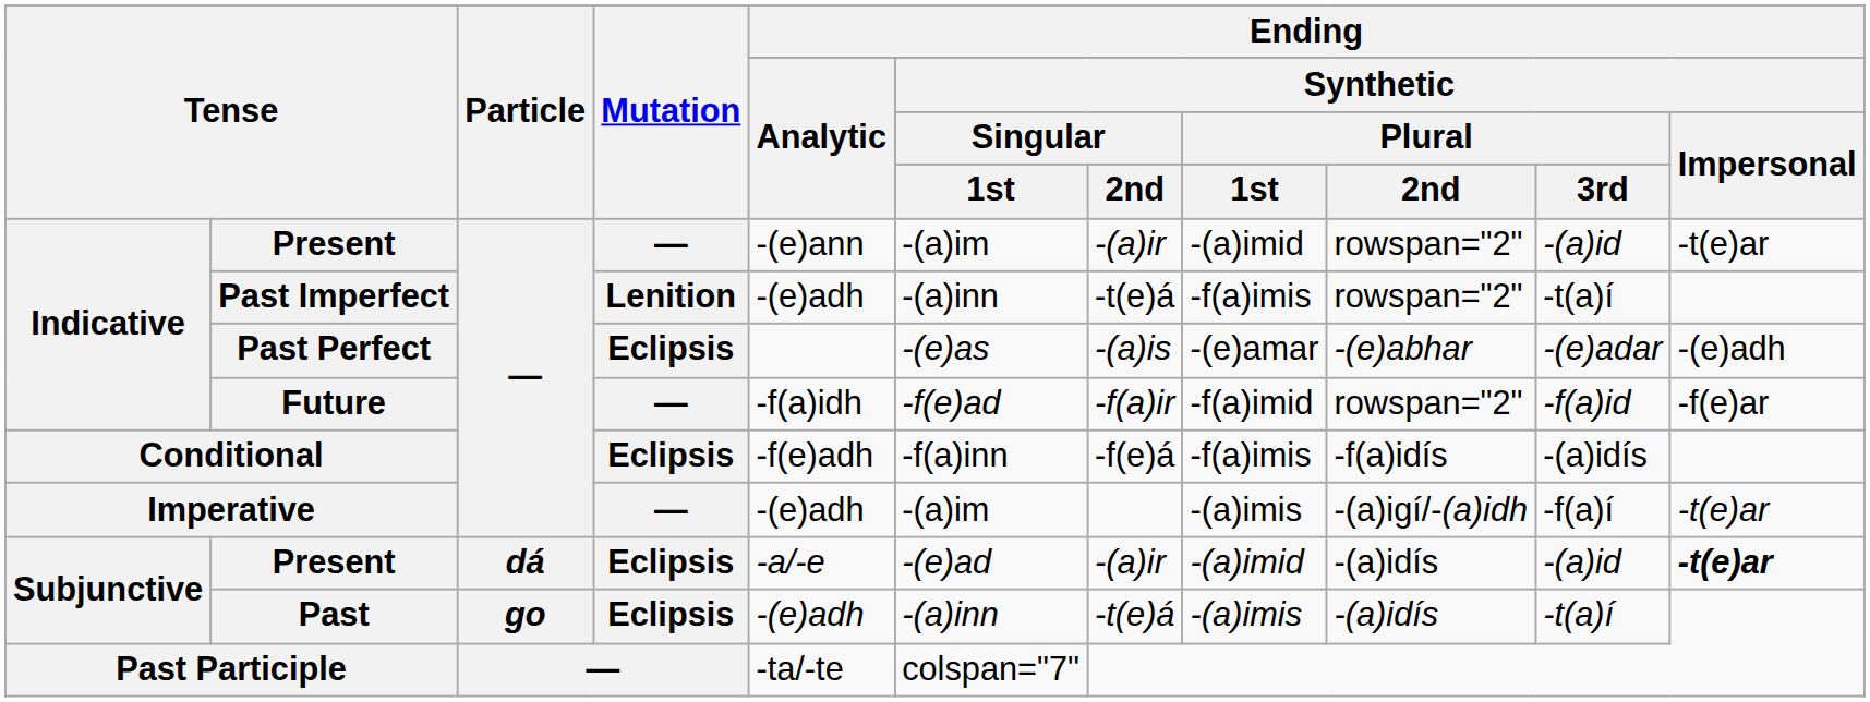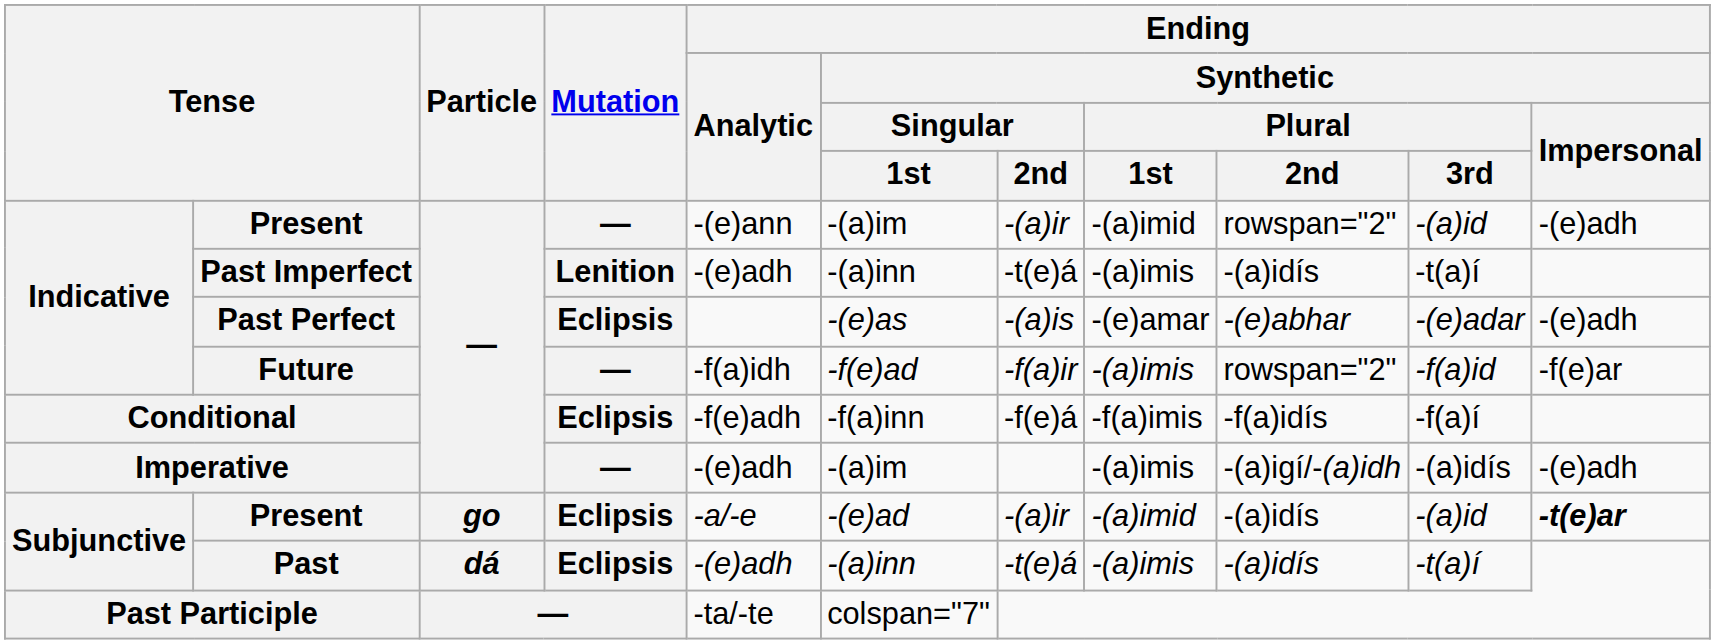 <table class="wikitable mw-collapsible">
 <tr>
 <th colspan="2" rowspan="4">Tense</th>
 <th rowspan="4">Particle</th>
 <th rowspan="4"><a href='#'>Mutation</a></th>
 <th colspan="7">Ending</th>
 </tr>
 <tr>
 <th rowspan="3">Analytic</th>
 <th colspan="6">Synthetic</th>
 </tr>
 <tr>
 <th colspan="2">Singular</th>
 <th colspan="3">Plural</th>
 <th rowspan="2">Impersonal</th>
 </tr>
 <tr>
 <th>1st</th>
 <th>2nd</th>
 <th>1st</th>
 <th>2nd</th>
 <th>3rd</th>
 </tr>
 <tr>
 <th rowspan="4">Indicative</th>
 <th>Present</th>
 <th rowspan="6">—</th>
 <th>—</th>
 <td>-(e)ann</td>
 <td>-(a)im</td>
 <td><em>-(a)ir</em></td>
 <td>-(a)imid</td>
 <td>rowspan="2" </td>
 <td><em>-(a)id</em></td>
-<td>-t(e)ar</td>
+<td>-(e)adh</td>
 </tr>
 <tr>
 <th>Past Imperfect</th>
 <th>Lenition</th>
 <td>-(e)adh</td>
 <td>-(a)inn</td>
 <td>-t(e)á</td>
-<td>-f(a)imis</td>
-<td>rowspan="2" </td>
+<td>-(a)imis</td>
+<td>-(a)idís</td>
 <td>-t(a)í</td>
 </tr>
 <tr>
 <th>Past Perfect</th>
 <th>Eclipsis</th>
 <td></td>
 <td><em>-(e)as</em></td>
 <td><em>-(a)is</em></td>
 <td>-(e)amar</td>
 <td><em>-(e)abhar</em></td>
 <td><em>-(e)adar</em></td>
 <td>-(e)adh</td>
 </tr>
 <tr>
 <th>Future</th>
 <th>—</th>
 <td>-f(a)idh</td>
 <td><em>-f(e)ad</em></td>
 <td><em>-f(a)ir</em></td>
-<td>-f(a)imid</td>
+<td><em>-(a)imis</em></td>
 <td>rowspan="2" </td>
 <td><em>-f(a)id</em></td>
 <td>-f(e)ar</td>
 </tr>
 <tr>
 <th colspan="2">Conditional</th>
 <th>Eclipsis</th>
 <td>-f(e)adh</td>
 <td>-f(a)inn</td>
 <td>-f(e)á</td>
 <td>-f(a)imis</td>
 <td>-f(a)idís</td>
-<td>-(a)idís</td>
+<td>-f(a)í</td>
 </tr>
 <tr>
 <th colspan="2">Imperative</th>
 <th>—</th>
 <td>-(e)adh</td>
 <td>-(a)im</td>
 <td></td>
 <td>-(a)imis</td>
 <td>-(a)igí/-<em>(a)idh</em></td>
-<td>-f(a)í</td>
-<td><em>-t(e)ar</em></td>
+<td>-(a)idís</td>
+<td>-(e)adh</td>
 </tr>
 <tr>
 <th rowspan="2">Subjunctive</th>
 <th>Present</th>
-<th><em>dá</em></th>
+<th><em>go</em></th>
 <th>Eclipsis</th>
 <td><em>-a/-e</em></td>
 <td><em>-(e)ad</em></td>
 <td><em>-(a)ir</em></td>
 <td><em>-(a)imid</em></td>
 <td>-(a)idís</td>
 <td><em>-(a)id</em></td>
 <td><strong><em>-t(e)ar</em></strong></td>
 </tr>
 <tr>
 <th>Past</th>
-<th><em>go</em></th>
+<th><em>dá</em></th>
 <th>Eclipsis</th>
 <td><em>-(e)adh</em></td>
 <td><em>-(a)inn</em></td>
 <td><em>-t(e)á</em></td>
 <td><em>-(a)imis</em></td>
 <td><em>-(a)idís</em></td>
 <td><em>-t(a)í</em></td>
 </tr>
 <tr>
 <th colspan="2">Past Participle</th>
 <th colspan="2">—</th>
 <td>-ta/-te</td>
 <td>colspan="7" </td>
 </tr>
 </table>
